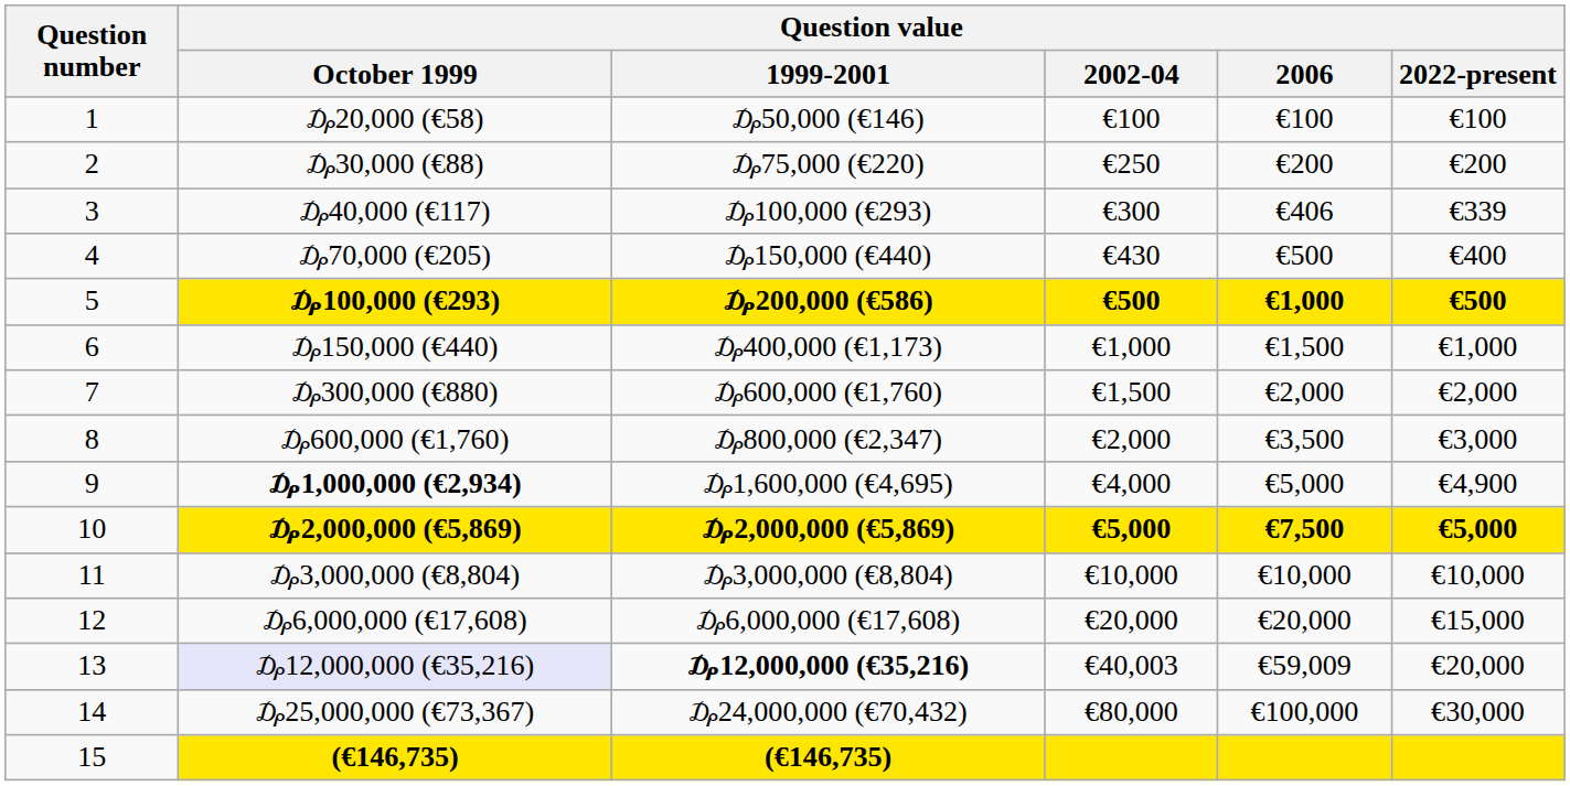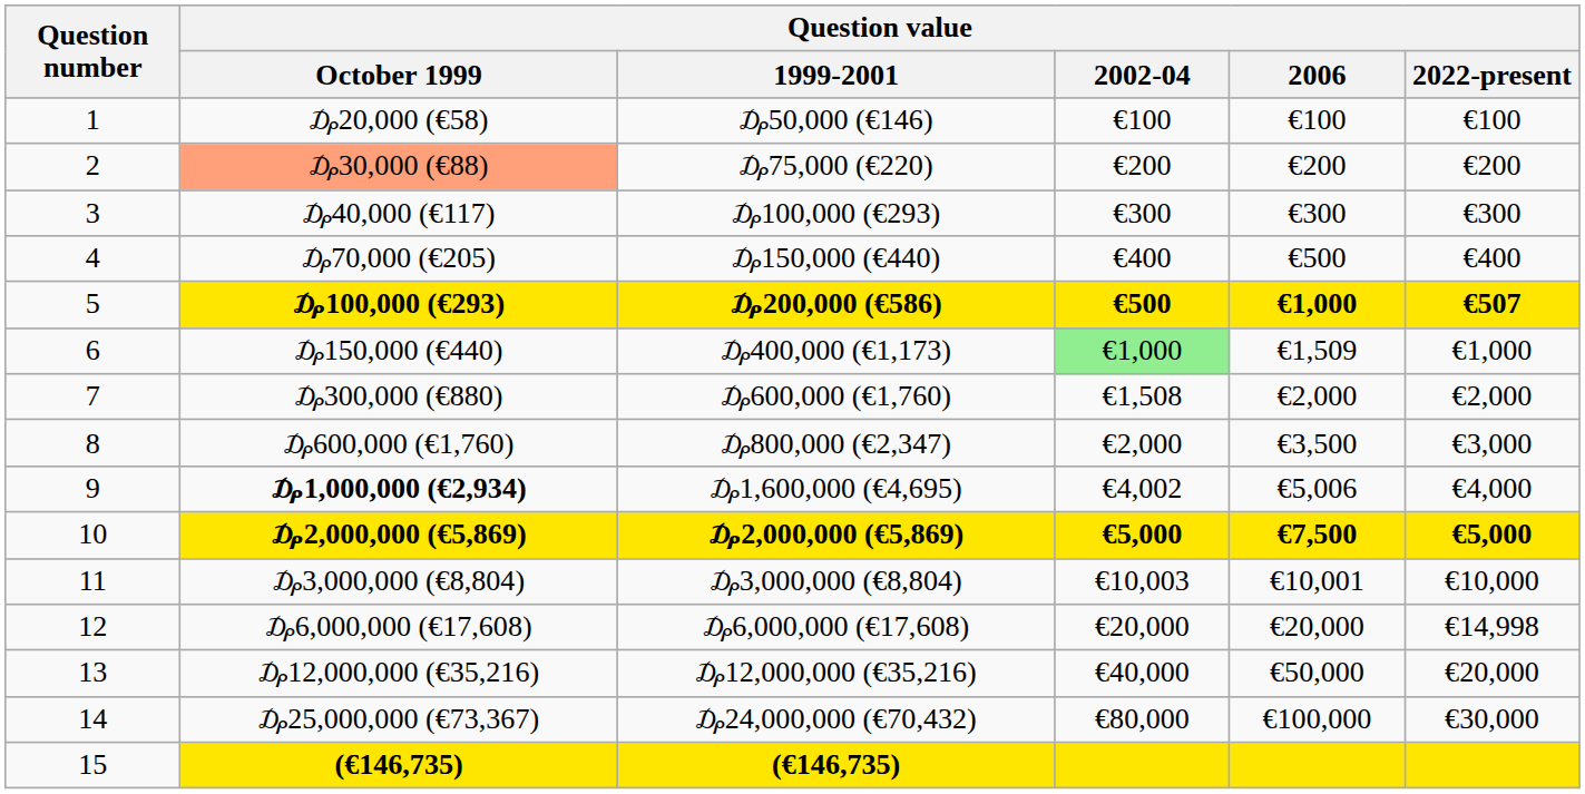 <table class="wikitable" style="text-align:center; border:1px; cellpadding:2; cellspacing:0;">
 <tr>
 <th rowspan="2" style="width: 10%">Question number</th>
 <th colspan="5">Question value <em></em></th>
 </tr>
 <tr>
 <th style="width: 25%">October 1999</th>
 <th style="width: 25%">1999-2001</th>
 <th style="width: 10%">2002-04</th>
 <th style="width: 10%">2006</th>
 <th style="width: 10%">2022-present</th>
 </tr>
 <tr>
 <td>1</td>
 <td><span>₯20,000 (€58)</span></td>
 <td><span>₯50,000 (€146)</span></td>
 <td><span>€100</span></td>
 <td><span>€100</span></td>
 <td><span>€100</span></td>
 </tr>
 <tr>
 <td>2</td>
-<td><span>₯30,000 (€88)</span></td>
+<td style="background: lightsalmon;"><span>₯30,000 (€88)</span></td>
 <td><span>₯75,000 (€220)</span></td>
-<td><span>€250</span></td>
+<td><span>€200</span></td>
 <td><span>€200</span></td>
 <td><span>€200</span></td>
 </tr>
 <tr>
 <td>3</td>
 <td><span>₯40,000 (€117)</span></td>
 <td><span>₯100,000 (€293)</span></td>
 <td><span>€300</span></td>
-<td><span>€406</span></td>
-<td><span>€339</span></td>
+<td><span>€300</span></td>
+<td><span>€300</span></td>
 </tr>
 <tr>
 <td>4</td>
 <td><span>₯70,000 (€205)</span></td>
 <td><span>₯150,000 (€440)</span></td>
-<td><span>€430</span></td>
+<td><span>€400</span></td>
 <td><span>€500</span></td>
 <td><span>€400</span></td>
 </tr>
 <tr>
 <td>5</td>
 <td style="background: #FFE600"><span><strong>₯100,000 (€293)</strong></span></td>
 <td style="background: #FFE600"><span><strong>₯200,000 (€586)</strong></span></td>
 <td style="background: #FFE600"><span><strong>€500</strong></span></td>
 <td style="background: #FFE600"><span><strong>€1,000</strong></span></td>
-<td style="background: #FFE600"><span><strong>€500</strong></span></td>
+<td style="background: #FFE600"><span><strong>€507</strong></span></td>
 </tr>
 <tr>
 <td>6</td>
 <td><span>₯150,000 (€440)</span></td>
 <td><span>₯400,000 (€1,173)</span></td>
-<td><span>€1,000</span></td>
-<td><span>€1,500</span></td>
+<td style="background: lightgreen;"><span>€1,000</span></td>
+<td><span>€1,509</span></td>
 <td><span>€1,000</span></td>
 </tr>
 <tr>
 <td>7</td>
 <td><span>₯300,000 (€880)</span></td>
 <td><span>₯600,000 (€1,760) </span></td>
-<td><span>€1,500</span></td>
+<td><span>€1,508</span></td>
 <td><span>€2,000</span></td>
 <td><span>€2,000</span></td>
 </tr>
 <tr>
 <td>8</td>
 <td><span>₯600,000 (€1,760)</span></td>
 <td><span>₯800,000 (€2,347)</span></td>
 <td><span>€2,000</span></td>
 <td><span>€3,500</span></td>
 <td><span>€3,000</span></td>
 </tr>
 <tr>
 <td>9</td>
 <td><strong><span>₯1,000,000 (€2,934)</span></strong></td>
 <td><span>₯1,600,000 (€4,695)</span></td>
+<td><span>€4,002</span></td>
+<td><span>€5,006</span></td>
 <td><span>€4,000</span></td>
-<td><span>€5,000</span></td>
-<td><span>€4,900</span></td>
 </tr>
 <tr>
 <td>10</td>
 <td style="background: #FFE600"><span><strong>₯2,000,000 (€5,869)</strong></span></td>
 <td style="background: #FFE600"><span><strong>₯2,000,000 (€5,869)</strong></span></td>
 <td style="background: #FFE600"><span><strong>€5,000</strong></span></td>
 <td style="background: #FFE600"><span><strong>€7,500</strong></span></td>
 <td style="background: #FFE600"><span><strong>€5,000</strong></span></td>
 </tr>
 <tr>
 <td>11</td>
 <td><span>₯3,000,000 (€8,804)</span></td>
 <td><span>₯3,000,000 (€8,804)</span></td>
-<td><span>€10,000</span></td>
-<td><span>€10,000</span></td>
+<td><span>€10,003</span></td>
+<td><span>€10,001</span></td>
 <td><span>€10,000</span></td>
 </tr>
 <tr>
 <td>12</td>
 <td><span>₯6,000,000 (€17,608)</span></td>
 <td><span>₯6,000,000 (€17,608)</span></td>
 <td><span>€20,000</span></td>
 <td><span>€20,000</span></td>
-<td><span>€15,000</span></td>
+<td><span>€14,998</span></td>
 </tr>
 <tr>
 <td>13</td>
-<td style="background: lavender;"><span>₯12,000,000 (€35,216)</span></td>
-<td><strong><span>₯12,000,000 (€35,216)</span></strong></td>
-<td><span>€40,003</span></td>
-<td><span>€59,009</span></td>
+<td><span>₯12,000,000 (€35,216)</span></td>
+<td><span>₯12,000,000 (€35,216)</span></td>
+<td><span>€40,000</span></td>
+<td><span>€50,000</span></td>
 <td><span>€20,000</span></td>
 </tr>
 <tr>
 <td>14</td>
 <td><span>₯25,000,000 (€73,367)</span></td>
 <td><span>₯24,000,000 (€70,432)</span></td>
 <td><span>€80,000</span></td>
 <td><span>€100,000</span></td>
 <td><span>€30,000</span></td>
 </tr>
 <tr>
 <td>15</td>
 <td style="background: #FFE600"><span><strong> (€146,735)</strong></span></td>
 <td style="background: #FFE600"><span><strong> (€146,735)</strong></span></td>
 <td style="background: #FFE600"><span><strong></strong></span></td>
 <td style="background: #FFE600"><span><strong></strong></span></td>
 <td style="background: #FFE600"><span><strong></strong></span></td>
 </tr>
 </table>
